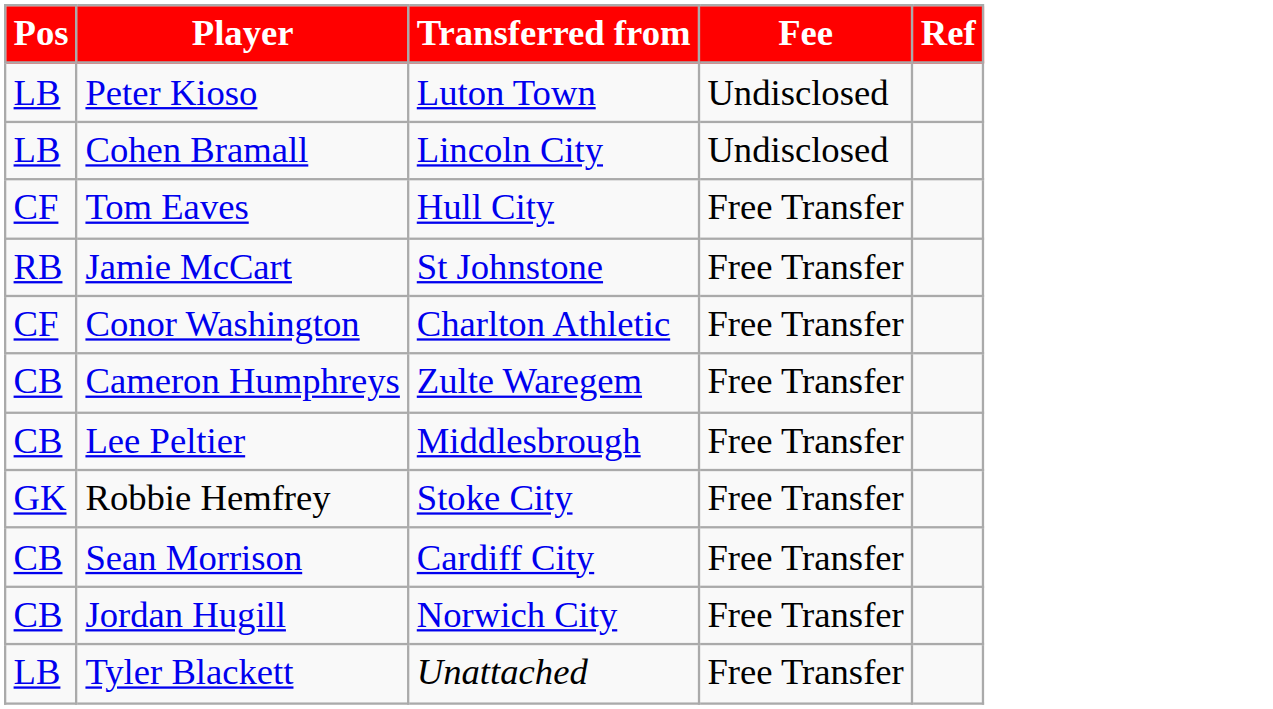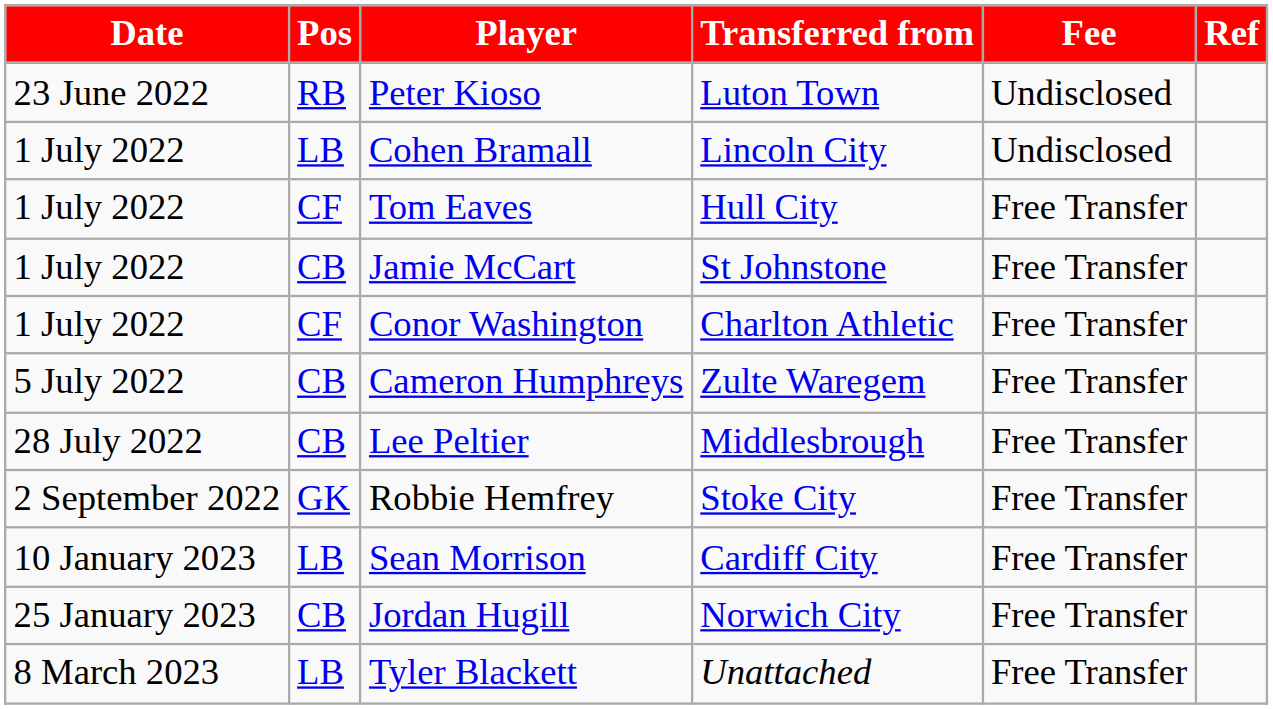 <table class="wikitable plainrowheaders sortable">
 <tr>
+<th style="background:#FF0000; color:#ffffff; ">Date</th>
 <th style="background:#FF0000; color:#ffffff; ">Pos</th>
 <th style="background:#FF0000; color:#ffffff; ">Player</th>
 <th style="background:#FF0000; color:#ffffff; ">Transferred from</th>
 <th style="background:#FF0000; color:#ffffff; ">Fee</th>
 <th style="background:#FF0000; color:#ffffff; ">Ref</th>
 </tr>
 <tr>
-<td><a href='#'>LB</a></td>
+<td>23 June 2022</td>
+<td><a href='#'>RB</a></td>
 <td> <a href='#'>Peter Kioso</a></td>
 <td> <a href='#'>Luton Town</a></td>
 <td>Undisclosed</td>
 <td></td>
 </tr>
 <tr>
+<td>1 July 2022</td>
 <td><a href='#'>LB</a></td>
 <td> <a href='#'>Cohen Bramall</a></td>
 <td> <a href='#'>Lincoln City</a></td>
 <td>Undisclosed</td>
 <td></td>
 </tr>
 <tr>
+<td>1 July 2022</td>
 <td><a href='#'>CF</a></td>
 <td> <a href='#'>Tom Eaves</a></td>
 <td> <a href='#'>Hull City</a></td>
 <td>Free Transfer</td>
 <td></td>
 </tr>
 <tr>
-<td><a href='#'>RB</a></td>
+<td>1 July 2022</td>
+<td><a href='#'>CB</a></td>
 <td> <a href='#'>Jamie McCart</a></td>
 <td> <a href='#'>St Johnstone</a></td>
 <td>Free Transfer</td>
 <td></td>
 </tr>
 <tr>
+<td>1 July 2022</td>
 <td><a href='#'>CF</a></td>
 <td> <a href='#'>Conor Washington</a></td>
 <td> <a href='#'>Charlton Athletic</a></td>
 <td>Free Transfer</td>
 <td></td>
 </tr>
 <tr>
+<td>5 July 2022</td>
 <td><a href='#'>CB</a></td>
 <td> <a href='#'>Cameron Humphreys</a></td>
 <td> <a href='#'>Zulte Waregem</a></td>
 <td>Free Transfer</td>
 <td></td>
 </tr>
 <tr>
+<td>28 July 2022</td>
 <td><a href='#'>CB</a></td>
 <td> <a href='#'>Lee Peltier</a></td>
 <td> <a href='#'>Middlesbrough</a></td>
 <td>Free Transfer</td>
 <td></td>
 </tr>
 <tr>
+<td>2 September 2022</td>
 <td><a href='#'>GK</a></td>
 <td> Robbie Hemfrey</td>
 <td> <a href='#'>Stoke City</a></td>
 <td>Free Transfer</td>
 <td></td>
 </tr>
 <tr>
-<td><a href='#'>CB</a></td>
+<td>10 January 2023</td>
+<td><a href='#'>LB</a></td>
 <td> <a href='#'>Sean Morrison</a></td>
 <td> <a href='#'>Cardiff City</a></td>
 <td>Free Transfer</td>
 <td></td>
 </tr>
 <tr>
+<td>25 January 2023</td>
 <td><a href='#'>CB</a></td>
 <td> <a href='#'>Jordan Hugill</a></td>
 <td> <a href='#'>Norwich City</a></td>
 <td>Free Transfer</td>
 <td></td>
 </tr>
 <tr>
+<td>8 March 2023</td>
 <td><a href='#'>LB</a></td>
 <td> <a href='#'>Tyler Blackett</a></td>
 <td> <em>Unattached</em></td>
 <td>Free Transfer</td>
 <td></td>
 </tr>
 </table>
